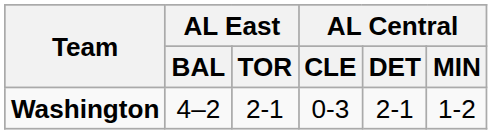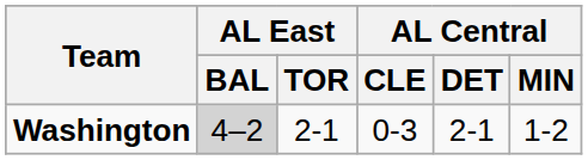 <table class="wikitable" style="text-align:center; font-size: 95%;">
 <tr>
 <th rowspan=2>Team</th>
 <th colspan=2>AL East</th>
 <th colspan=3>AL Central</th>
 </tr>
 <tr>
 <th><strong>BAL</strong></th>
 <th><strong>TOR</strong></th>
 <th><strong>CLE</strong></th>
 <th><strong>DET</strong></th>
 <th><strong>MIN</strong></th>
 </tr>
 <tr>
 <td><strong>Washington</strong></td>
-<td>4–2</td>
+<td style="background: lightgrey;">4–2</td>
 <td>2-1</td>
 <td>0-3</td>
 <td>2-1</td>
 <td>1-2</td>
 </tr>
 </table>
